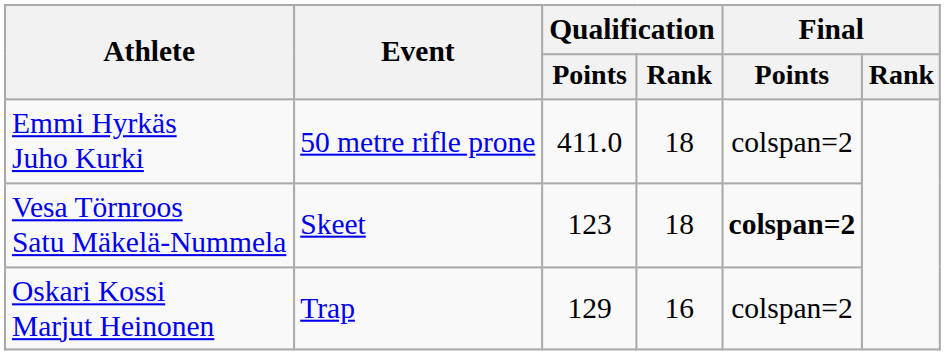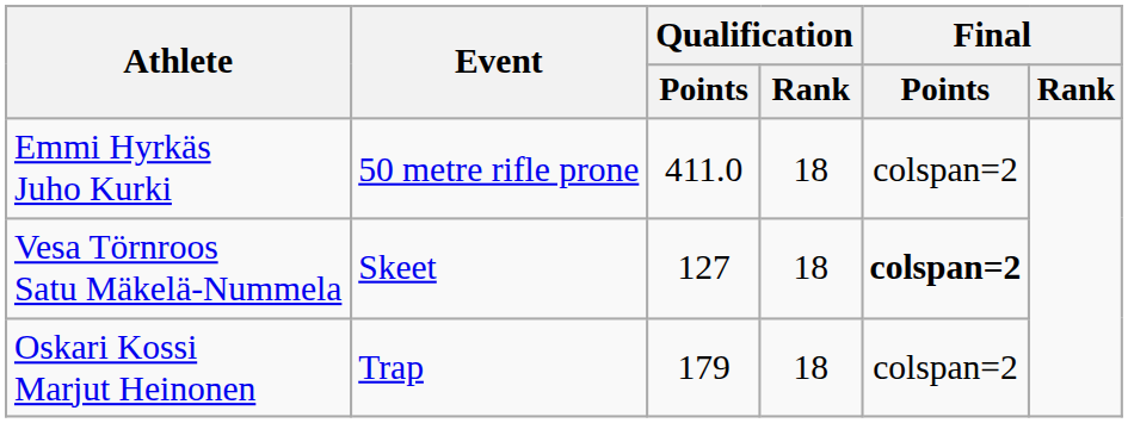 <table class=wikitable style=font-size:90%;text-align:center>
 <tr>
 <th rowspan=2>Athlete</th>
 <th rowspan=2>Event</th>
 <th colspan=2>Qualification</th>
 <th colspan=2>Final</th>
 </tr>
 <tr style=font-size:95%>
 <th>Points</th>
 <th>Rank</th>
 <th>Points</th>
 <th>Rank</th>
 </tr>
 <tr>
 <td align=left><a href='#'>Emmi Hyrkäs</a><br><a href='#'>Juho Kurki</a></td>
 <td align=left><a href='#'>50 metre rifle prone</a></td>
 <td>411.0</td>
 <td>18</td>
 <td>colspan=2 </td>
 </tr>
 <tr>
 <td align=left><a href='#'>Vesa Törnroos</a><br><a href='#'>Satu Mäkelä-Nummela</a></td>
 <td align=left><a href='#'>Skeet</a></td>
-<td>123</td>
+<td>127</td>
 <td>18</td>
 <td><strong>colspan=2 </strong></td>
 </tr>
 <tr>
 <td align=left><a href='#'>Oskari Kossi</a><br><a href='#'>Marjut Heinonen</a></td>
 <td align=left><a href='#'>Trap</a></td>
-<td>129</td>
-<td>16</td>
+<td>179</td>
+<td>18</td>
 <td>colspan=2 </td>
 </tr>
 </table>
